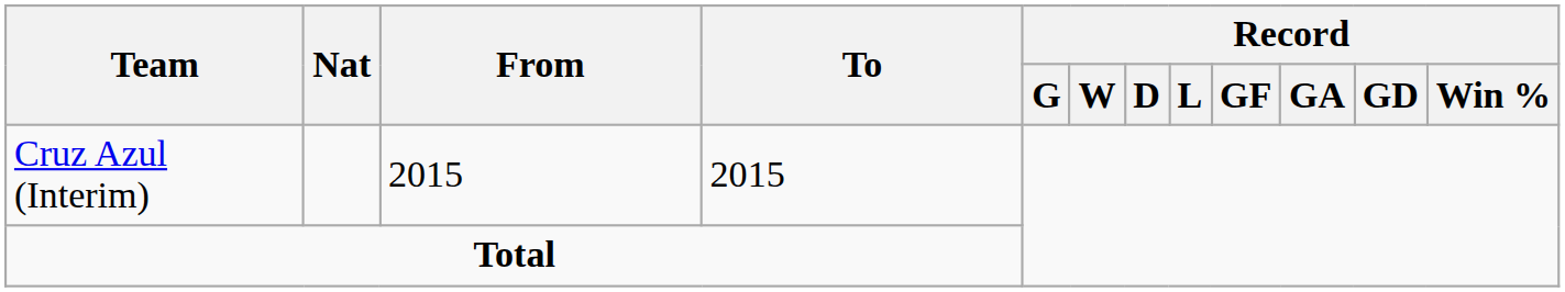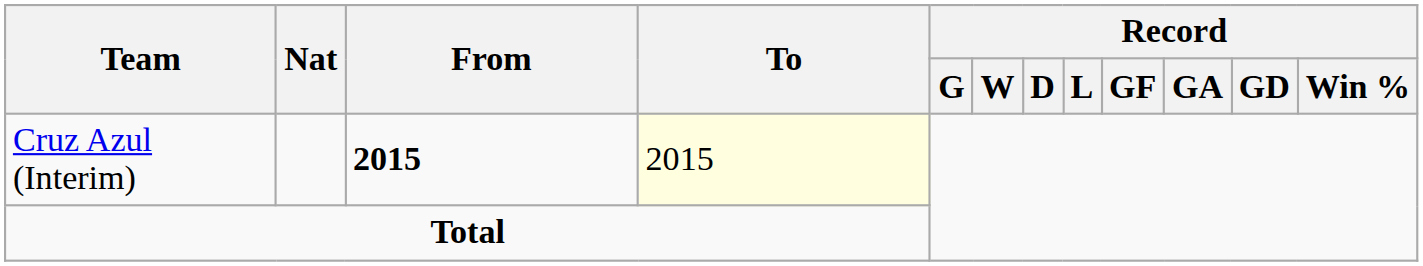 <table class="wikitable" style="text-align: center">
 <tr>
 <th rowspan="2" style="width:120px;">Team</th>
 <th rowspan="2" style="width:10px;">Nat</th>
 <th rowspan="2" style="width:130px;">From</th>
 <th rowspan="2" style="width:130px;">To</th>
 <th colspan="8">Record</th>
 </tr>
 <tr>
 <th>G</th>
 <th>W</th>
 <th>D</th>
 <th>L</th>
 <th>GF</th>
 <th>GA</th>
 <th>GD</th>
 <th>Win %</th>
 </tr>
 <tr>
 <td style="text-align:left;"><a href='#'>Cruz Azul</a> (Interim)</td>
 <td></td>
-<td style="text-align:left;">2015</td>
-<td align="left">2015<br></td>
+<td style="text-align:left;"><strong>2015</strong></td>
+<td align="left" style="background: lightyellow;">2015<br></td>
 </tr>
 <tr>
 <td colspan="4"><strong>Total</strong><br></td>
 </tr>
 </table>
